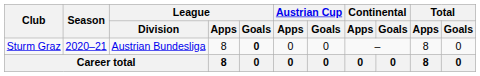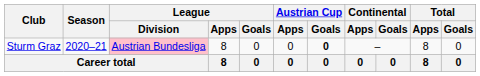 <table class="wikitable" style="text-align:center">
 <tr>
 <th rowspan="2">Club</th>
 <th rowspan="2">Season</th>
 <th colspan="3">League</th>
 <th colspan="2"><a href='#'>Austrian Cup</a></th>
 <th colspan="2">Continental</th>
 <th colspan="2">Total</th>
 </tr>
 <tr>
 <th>Division</th>
 <th>Apps</th>
 <th>Goals</th>
 <th>Apps</th>
 <th>Goals</th>
 <th>Apps</th>
 <th>Goals</th>
 <th>Apps</th>
 <th>Goals</th>
 </tr>
 <tr>
 <td><a href='#'>Sturm Graz</a></td>
 <td><a href='#'>2020–21</a></td>
-<td><a href='#'>Austrian Bundesliga</a></td>
+<td style="background: pink;"><a href='#'>Austrian Bundesliga</a></td>
 <td>8</td>
-<td><strong>0</strong></td>
 <td>0</td>
 <td>0</td>
+<td><strong>0</strong></td>
 <td colspan="2">–</td>
 <td>8</td>
 <td>0</td>
 </tr>
 <tr>
 <th colspan="3">Career total</th>
 <th>8</th>
 <th>0</th>
 <th>0</th>
 <th>0</th>
 <th>0</th>
 <th>0</th>
 <th>8</th>
 <th>0</th>
 </tr>
 </table>
